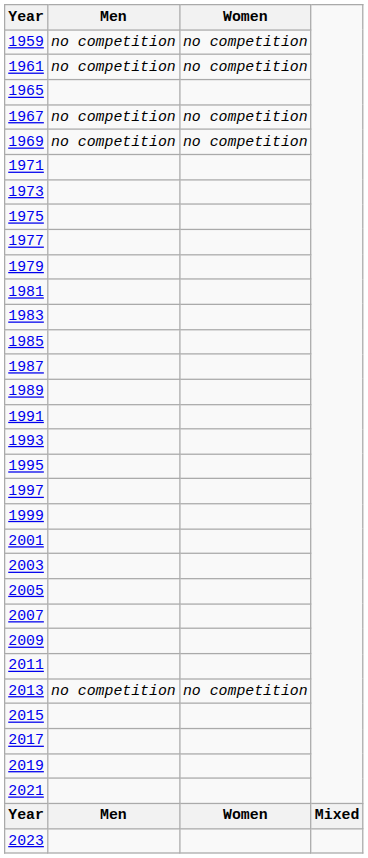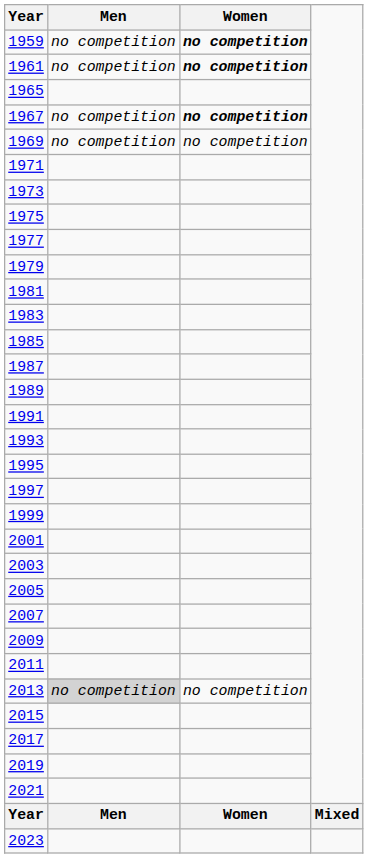 <table class=wikitable style="font-size:90%">
 <tr>
 <th>Year</th>
 <th>Men</th>
 <th>Women</th>
 </tr>
 <tr>
 <td><a href='#'>1959</a></td>
 <td><em>no competition</em></td>
-<td><em>no competition</em></td>
+<td><strong><em>no competition</em></strong></td>
 </tr>
 <tr>
 <td><a href='#'>1961</a></td>
 <td><em>no competition</em></td>
-<td><em>no competition</em></td>
+<td><strong><em>no competition</em></strong></td>
 </tr>
 <tr>
 <td><a href='#'>1965</a></td>
 <td></td>
 <td></td>
 </tr>
 <tr>
 <td><a href='#'>1967</a></td>
 <td><em>no competition</em></td>
-<td><em>no competition</em></td>
+<td><strong><em>no competition</em></strong></td>
 </tr>
 <tr>
 <td><a href='#'>1969</a></td>
 <td><em>no competition</em></td>
 <td><em>no competition</em></td>
 </tr>
 <tr>
 <td><a href='#'>1971</a></td>
 <td></td>
 <td></td>
 </tr>
 <tr>
 <td><a href='#'>1973</a></td>
 <td></td>
 <td></td>
 </tr>
 <tr>
 <td><a href='#'>1975</a></td>
 <td></td>
 <td></td>
 </tr>
 <tr>
 <td><a href='#'>1977</a></td>
 <td></td>
 <td></td>
 </tr>
 <tr>
 <td><a href='#'>1979</a></td>
 <td></td>
 <td></td>
 </tr>
 <tr>
 <td><a href='#'>1981</a></td>
 <td></td>
 <td></td>
 </tr>
 <tr>
 <td><a href='#'>1983</a></td>
 <td></td>
 <td></td>
 </tr>
 <tr>
 <td><a href='#'>1985</a></td>
 <td></td>
 <td></td>
 </tr>
 <tr>
 <td><a href='#'>1987</a></td>
 <td></td>
 <td></td>
 </tr>
 <tr>
 <td><a href='#'>1989</a></td>
 <td></td>
 <td></td>
 </tr>
 <tr>
 <td><a href='#'>1991</a></td>
 <td></td>
 <td></td>
 </tr>
 <tr>
 <td><a href='#'>1993</a></td>
 <td></td>
 <td></td>
 </tr>
 <tr>
 <td><a href='#'>1995</a></td>
 <td></td>
 <td></td>
 </tr>
 <tr>
 <td><a href='#'>1997</a></td>
 <td></td>
 <td></td>
 </tr>
 <tr>
 <td><a href='#'>1999</a></td>
 <td></td>
 <td></td>
 </tr>
 <tr>
 <td><a href='#'>2001</a></td>
 <td></td>
 <td></td>
 </tr>
 <tr>
 <td><a href='#'>2003</a></td>
 <td></td>
 <td></td>
 </tr>
 <tr>
 <td><a href='#'>2005</a></td>
 <td></td>
 <td></td>
 </tr>
 <tr>
 <td><a href='#'>2007</a></td>
 <td></td>
 <td></td>
 </tr>
 <tr>
 <td><a href='#'>2009</a></td>
 <td></td>
 <td></td>
 </tr>
 <tr>
 <td><a href='#'>2011</a></td>
 <td></td>
 <td></td>
 </tr>
 <tr>
 <td><a href='#'>2013</a></td>
-<td><em>no competition</em></td>
+<td style="background: lightgrey;"><em>no competition</em></td>
 <td><em>no competition</em></td>
 </tr>
 <tr>
 <td><a href='#'>2015</a></td>
 <td></td>
 <td></td>
 </tr>
 <tr>
 <td><a href='#'>2017</a></td>
 <td></td>
 <td></td>
 </tr>
 <tr>
 <td><a href='#'>2019</a></td>
 <td></td>
 <td></td>
 </tr>
 <tr>
 <td><a href='#'>2021</a></td>
 <td></td>
 <td></td>
 </tr>
 <tr>
 <th>Year</th>
 <th>Men</th>
 <th>Women</th>
 <th>Mixed</th>
 </tr>
 <tr>
 <td><a href='#'>2023</a></td>
 <td></td>
 <td></td>
 <td></td>
 </tr>
 </table>
